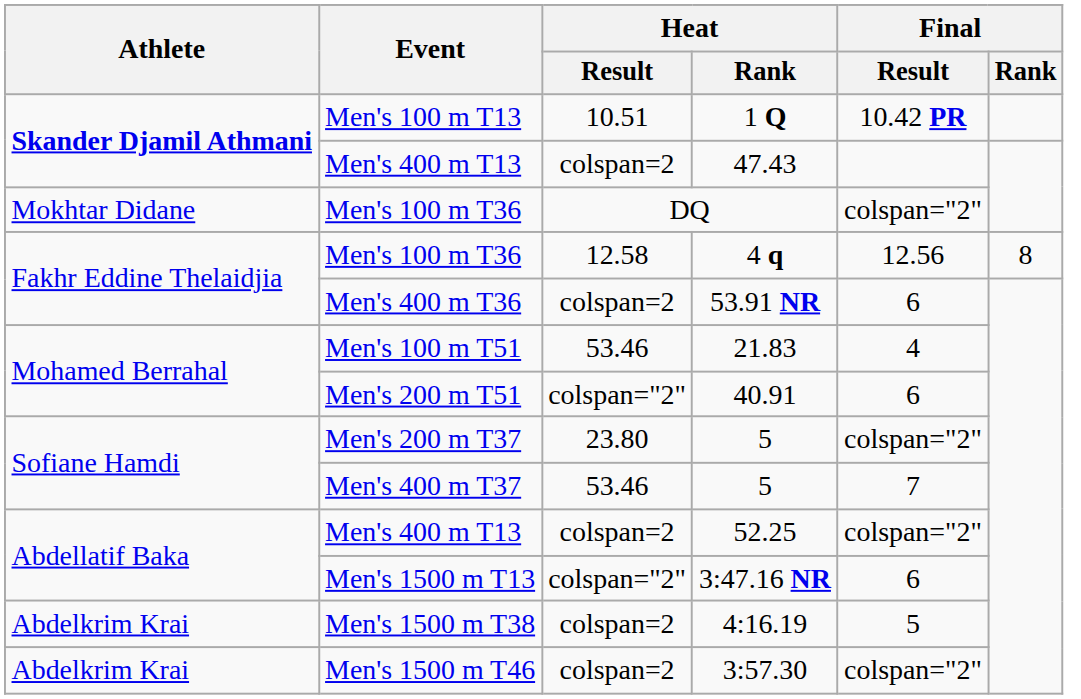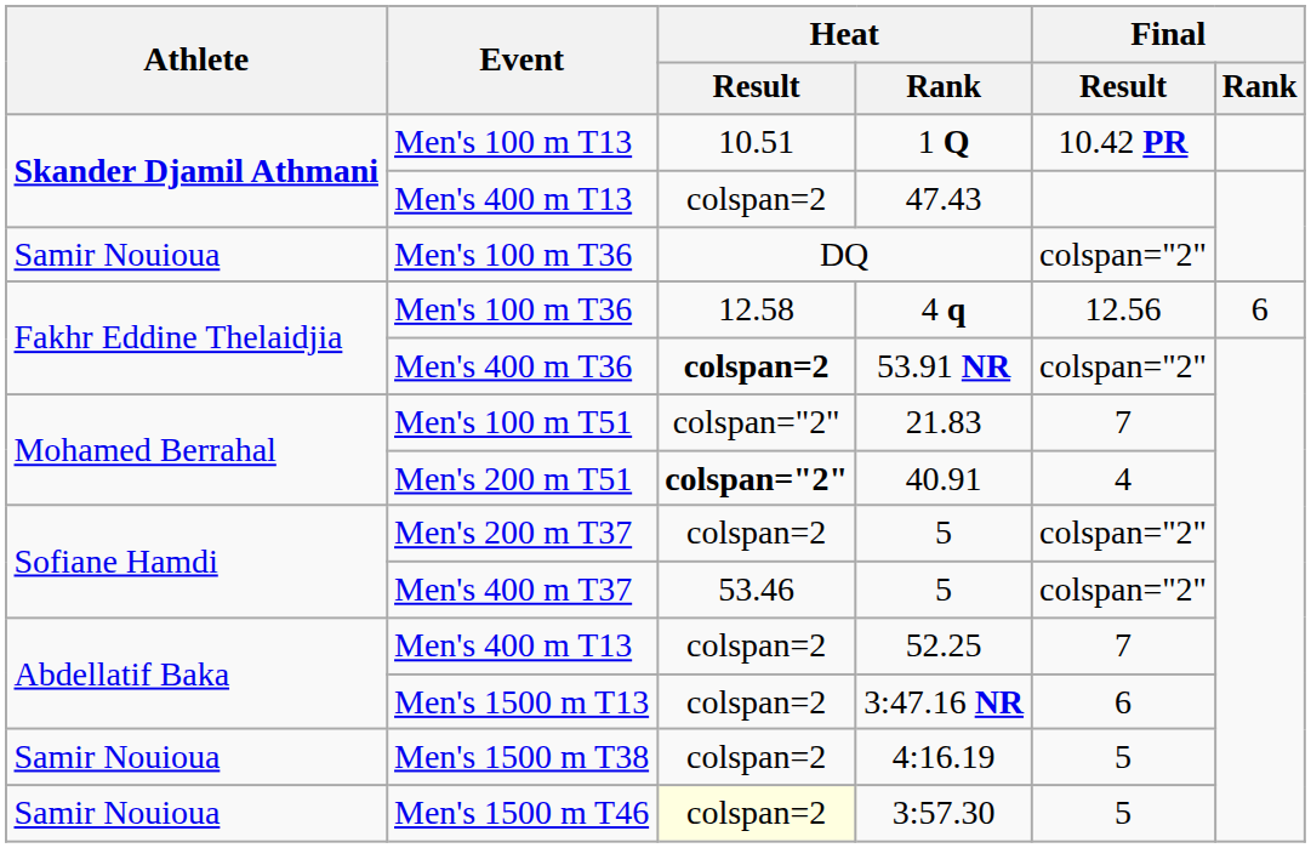 <table class="wikitable" style="font-size:90%">
 <tr>
 <th rowspan="2">Athlete</th>
 <th rowspan="2">Event</th>
 <th colspan="2">Heat</th>
 <th colspan="2">Final</th>
 </tr>
 <tr style="font-size:95%">
 <th>Result</th>
 <th>Rank</th>
 <th>Result</th>
 <th>Rank</th>
 </tr>
 <tr align=center>
 <td align=left rowspan=2><strong><a href='#'>Skander Djamil Athmani</a></strong></td>
 <td align=left><a href='#'>Men's 100 m T13</a></td>
 <td>10.51</td>
 <td>1 <strong>Q</strong></td>
 <td>10.42 <strong><a href='#'>PR</a></strong></td>
 <td></td>
 </tr>
 <tr align=center>
 <td align=left><a href='#'>Men's 400 m T13</a></td>
 <td>colspan=2 </td>
 <td>47.43</td>
 <td></td>
 </tr>
 <tr align=center>
-<td align=left><a href='#'>Mokhtar Didane</a></td>
+<td align=left><a href='#'>Samir Nouioua</a></td>
 <td align=left><a href='#'>Men's 100 m T36</a></td>
 <td colspan="2">DQ</td>
 <td>colspan="2" </td>
 </tr>
 <tr align=center>
 <td align=left rowspan=2><a href='#'>Fakhr Eddine Thelaidjia</a></td>
 <td align=left><a href='#'>Men's 100 m T36</a></td>
 <td>12.58</td>
 <td>4 <strong>q</strong></td>
 <td>12.56</td>
-<td>8</td>
+<td>6</td>
 </tr>
 <tr align=center>
 <td align=left><a href='#'>Men's 400 m T36</a></td>
-<td>colspan=2 </td>
+<td><strong>colspan=2 </strong></td>
 <td>53.91 <strong><a href='#'>NR</a></strong></td>
-<td>6</td>
+<td>colspan="2" </td>
 </tr>
 <tr align=center>
 <td align=left rowspan=2><a href='#'>Mohamed Berrahal</a></td>
 <td align=left><a href='#'>Men's 100 m T51</a></td>
-<td>53.46</td>
+<td>colspan="2" </td>
 <td>21.83</td>
-<td>4</td>
+<td>7</td>
 </tr>
 <tr align=center>
 <td align=left><a href='#'>Men's 200 m T51</a></td>
-<td>colspan="2" </td>
+<td><strong>colspan="2" </strong></td>
 <td>40.91</td>
-<td>6</td>
+<td>4</td>
 </tr>
 <tr align=center>
 <td align=left rowspan=2><a href='#'>Sofiane Hamdi</a></td>
 <td align=left><a href='#'>Men's 200 m T37</a></td>
-<td>23.80</td>
+<td>colspan=2 </td>
 <td>5</td>
 <td>colspan="2" </td>
 </tr>
 <tr align=center>
 <td align=left><a href='#'>Men's 400 m T37</a></td>
 <td>53.46</td>
 <td>5</td>
-<td>7</td>
+<td>colspan="2" </td>
 </tr>
 <tr align=center>
 <td align=left rowspan=2><a href='#'>Abdellatif Baka</a></td>
 <td align=left><a href='#'>Men's 400 m T13</a></td>
 <td>colspan=2 </td>
 <td>52.25</td>
-<td>colspan="2" </td>
+<td>7</td>
 </tr>
 <tr align=center>
 <td align=left><a href='#'>Men's 1500 m T13</a></td>
-<td>colspan="2" </td>
+<td>colspan=2 </td>
 <td>3:47.16 <strong><a href='#'>NR</a></strong></td>
 <td>6</td>
 </tr>
 <tr align=center>
-<td align=left><a href='#'>Abdelkrim Krai</a></td>
+<td align=left><a href='#'>Samir Nouioua</a></td>
 <td align=left><a href='#'>Men's 1500 m T38</a></td>
 <td>colspan=2 </td>
 <td>4:16.19</td>
 <td>5</td>
 </tr>
 <tr align=center>
-<td align=left><a href='#'>Abdelkrim Krai</a></td>
+<td align=left><a href='#'>Samir Nouioua</a></td>
 <td align=left><a href='#'>Men's 1500 m T46</a></td>
-<td>colspan=2 </td>
+<td style="background: lightyellow;">colspan=2 </td>
 <td>3:57.30</td>
-<td>colspan="2" </td>
+<td>5</td>
 </tr>
 </table>
